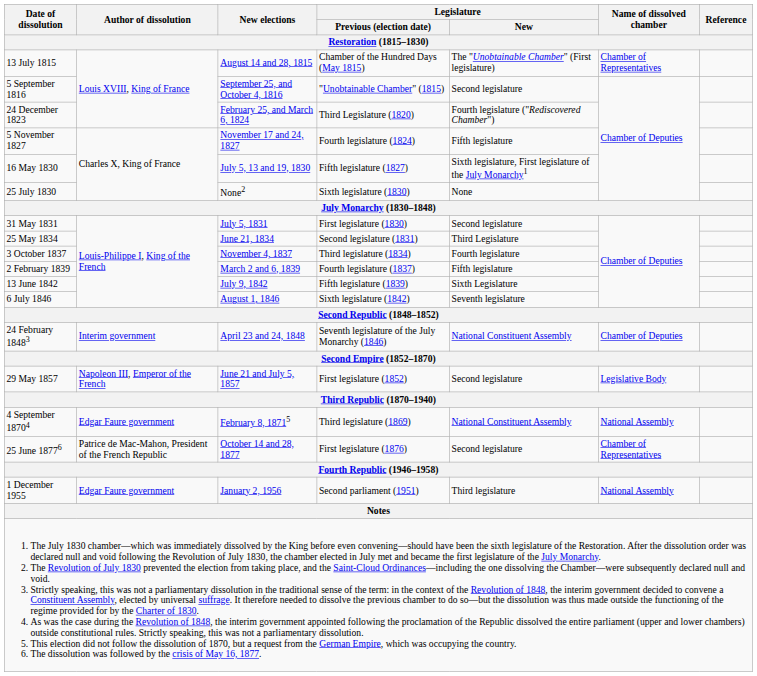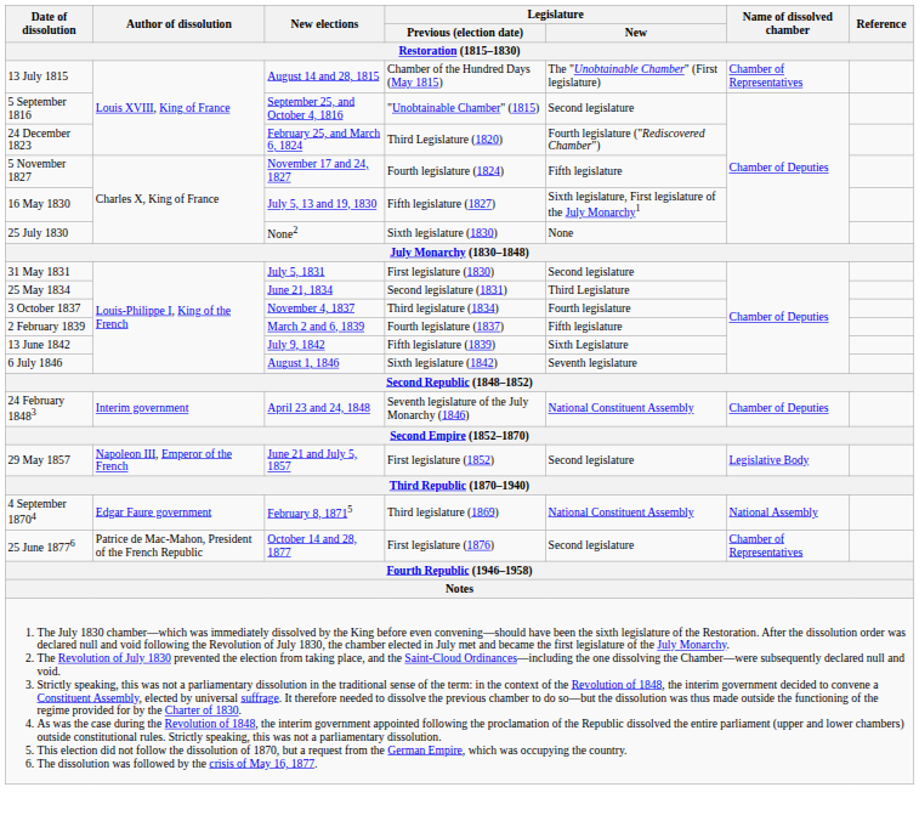 <table class="wikitable">
 <tr>
 <th rowspan="2">Date of dissolution</th>
 <th rowspan="2">Author of dissolution</th>
 <th rowspan="2">New elections</th>
 <th colspan="2">Legislature</th>
 <th rowspan="2">Name of dissolved chamber</th>
 <th rowspan="2">Reference</th>
 </tr>
 <tr>
 <th>Previous (election date)</th>
 <th>New</th>
 </tr>
 <tr>
 <th colspan="7"><a href='#'>Restoration</a> (1815–1830)</th>
 </tr>
 <tr>
 <td>13 July 1815</td>
 <td rowspan="3"><a href='#'>Louis XVIII</a>, <a href='#'>King of France</a></td>
 <td><a href='#'>August 14 and 28, 1815</a></td>
 <td>Chamber of the Hundred Days (<a href='#'>May 1815</a>)</td>
 <td>The "<em><a href='#'>Unobtainable Chamber</a></em>" (First legislature)</td>
 <td><a href='#'>Chamber of Representatives</a></td>
 <td></td>
 </tr>
 <tr>
 <td>5 September 1816</td>
 <td><a href='#'>September 25, and October 4, 1816</a></td>
 <td>"<a href='#'>Unobtainable Chamber</a>" (<a href='#'>1815</a>)</td>
 <td>Second legislature</td>
 <td rowspan="5"><a href='#'>Chamber of Deputies</a></td>
 <td></td>
 </tr>
 <tr>
 <td>24 December 1823</td>
 <td><a href='#'>February 25, and March 6, 1824</a></td>
 <td>Third Legislature (<a href='#'>1820</a>)</td>
 <td>Fourth legislature ("<em>Rediscovered Chamber</em>")</td>
 <td></td>
 </tr>
 <tr>
 <td>5 November 1827</td>
 <td rowspan="3">Charles X, King of France</td>
 <td><a href='#'>November 17 and 24, 1827</a></td>
 <td>Fourth legislature (<a href='#'>1824</a>)</td>
 <td>Fifth legislature</td>
 <td></td>
 </tr>
 <tr>
 <td>16 May 1830</td>
 <td><a href='#'>July 5, 13 and 19, 1830</a></td>
 <td>Fifth legislature (<a href='#'>1827</a>)</td>
 <td>Sixth legislature, First legislature of the <a href='#'>July Monarchy</a><sup>1</sup></td>
 <td></td>
 </tr>
 <tr>
 <td>25 July 1830</td>
 <td>None<sup>2</sup></td>
 <td>Sixth legislature (<a href='#'>1830</a>)</td>
 <td>None</td>
 <td></td>
 </tr>
 <tr>
 <th colspan="7"><a href='#'>July Monarchy</a> (1830–1848)</th>
 </tr>
 <tr>
 <td>31 May 1831</td>
 <td rowspan="6"><a href='#'>Louis-Philippe I</a>, <a href='#'>King of the French</a></td>
 <td><a href='#'>July 5, 1831</a></td>
 <td>First legislature (<a href='#'>1830</a>)</td>
 <td>Second legislature</td>
 <td rowspan="6"><a href='#'>Chamber of Deputies</a></td>
 <td></td>
 </tr>
 <tr>
 <td>25 May 1834</td>
 <td><a href='#'>June 21, 1834</a></td>
 <td>Second legislature (<a href='#'>1831</a>)</td>
 <td>Third Legislature</td>
 <td></td>
 </tr>
 <tr>
 <td>3 October 1837</td>
 <td><a href='#'>November 4, 1837</a></td>
 <td>Third legislature (<a href='#'>1834</a>)</td>
 <td>Fourth legislature</td>
 <td></td>
 </tr>
 <tr>
 <td>2 February 1839</td>
 <td><a href='#'>March 2 and 6, 1839</a></td>
 <td>Fourth legislature (<a href='#'>1837</a>)</td>
 <td>Fifth legislature</td>
 <td></td>
 </tr>
 <tr>
 <td>13 June 1842</td>
 <td><a href='#'>July 9, 1842</a></td>
 <td>Fifth legislature (<a href='#'>1839</a>)</td>
 <td>Sixth Legislature</td>
 <td></td>
 </tr>
 <tr>
 <td>6 July 1846</td>
 <td><a href='#'>August 1, 1846</a></td>
 <td>Sixth legislature (<a href='#'>1842</a>)</td>
 <td>Seventh legislature</td>
 <td></td>
 </tr>
 <tr>
 <th colspan="7"><a href='#'>Second Republic</a> (1848–1852)</th>
 </tr>
 <tr>
 <td>24 February 1848<sup>3</sup></td>
 <td><a href='#'>Interim government</a></td>
 <td><a href='#'>April 23 and 24, 1848</a></td>
 <td>Seventh legislature of the July Monarchy (<a href='#'>1846</a>)</td>
 <td><a href='#'>National Constituent Assembly</a></td>
 <td><a href='#'>Chamber of Deputies</a></td>
 <td></td>
 </tr>
 <tr>
 <th colspan="7"><a href='#'>Second Empire</a> (1852–1870)</th>
 </tr>
 <tr>
 <td>29 May 1857</td>
 <td><a href='#'>Napoleon III</a>, <a href='#'>Emperor of the French</a></td>
 <td><a href='#'>June 21 and July 5, 1857</a></td>
 <td>First legislature (<a href='#'>1852</a>)</td>
 <td>Second legislature</td>
 <td><a href='#'>Legislative Body</a></td>
 <td></td>
 </tr>
 <tr>
 <th colspan="7"><a href='#'>Third Republic</a> (1870–1940)</th>
 </tr>
 <tr>
 <td>4 September 1870<sup>4</sup></td>
 <td><a href='#'>Edgar Faure government</a></td>
 <td><a href='#'>February 8, 1871</a><sup>5</sup></td>
 <td>Third legislature (<a href='#'>1869</a>)</td>
 <td><a href='#'>National Constituent Assembly</a></td>
 <td><a href='#'>National Assembly</a></td>
 <td></td>
 </tr>
 <tr>
 <td>25 June 1877<sup>6</sup></td>
 <td>Patrice de Mac-Mahon, President of the French Republic</td>
 <td><a href='#'>October 14 and 28, 1877</a></td>
 <td>First legislature (<a href='#'>1876</a>)</td>
 <td>Second legislature</td>
 <td><a href='#'>Chamber of Representatives</a></td>
 <td></td>
 </tr>
 <tr>
 <th colspan="7"><a href='#'>Fourth Republic</a> (1946–1958)</th>
 </tr>
 <tr>
-<td>1 December 1955</td>
-<td><a href='#'>Edgar Faure government</a></td>
-<td><a href='#'>January 2, 1956</a></td>
-<td>Second parliament (<a href='#'>1951</a>)</td>
-<td>Third legislature</td>
-<td><a href='#'>National Assembly</a></td>
-<td></td>
-</tr>
-<tr>
 <th colspan="7">Notes</th>
 </tr>
 <tr>
 <td colspan="7"><br><ol><li>The July 1830 chamber—which was immediately dissolved by the King before even convening—should have been the sixth legislature of the Restoration. After the dissolution order was declared null and void following the Revolution of July 1830, the chamber elected in July met and became the first legislature of the <a href='#'>July Monarchy</a>.</li><li>The <a href='#'>Revolution of July 1830</a> prevented the election from taking place, and the <a href='#'>Saint-Cloud Ordinances</a>—including the one dissolving the Chamber—were subsequently declared null and void.</li><li>Strictly speaking, this was not a parliamentary dissolution in the traditional sense of the term: in the context of the <a href='#'>Revolution of 1848</a>, the interim government decided to convene a <a href='#'>Constituent Assembly</a>, elected by universal <a href='#'>suffrage</a>. It therefore needed to dissolve the previous chamber to do so—but the dissolution was thus made outside the functioning of the regime provided for by the <a href='#'>Charter of 1830</a>.</li><li>As was the case during the <a href='#'>Revolution of 1848</a>, the interim government appointed following the proclamation of the Republic dissolved the entire parliament (upper and lower chambers) outside constitutional rules. Strictly speaking, this was not a parliamentary dissolution.</li><li>This election did not follow the dissolution of 1870, but a request from the <a href='#'>German Empire</a>, which was occupying the country.</li><li>The dissolution was followed by the <a href='#'>crisis of May 16, 1877</a>.</li></ol></td>
 </tr>
 </table>
